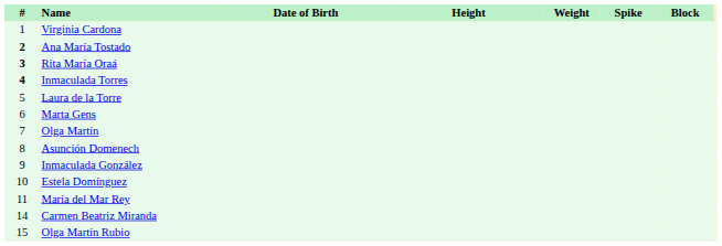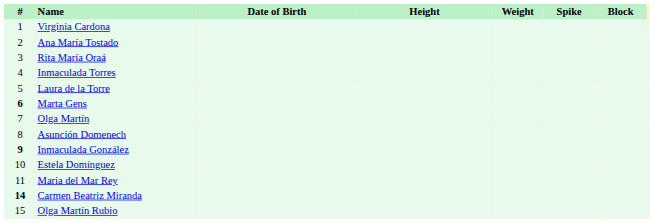 <table border=0 cellpadding=2 cellspacing=0  |- bgcolor=#FFECCE style="text-align:center; font-size:90%;" width=100%>
 <tr bgcolor=#BBF0C9>
 <th width=5%>#</th>
 <th width=25% align=left>Name</th>
 <th width=25%>Date of Birth</th>
 <th width=21%>Height</th>
 <th width=8%>Weight</th>
 <th width=8%>Spike</th>
 <th width=8%>Block</th>
 </tr>
 <tr bgcolor=#E7FAEC>
 <td>1</td>
 <td align=left><a href='#'>Virginia Cardona</a></td>
 <td></td>
 <td></td>
 <td></td>
 <td></td>
 <td></td>
 <td></td>
 </tr>
 <tr bgcolor=#E7FAEC>
-<td><strong>2</strong></td>
+<td>2</td>
 <td align=left><a href='#'>Ana María Tostado</a></td>
 <td></td>
 <td></td>
 <td></td>
 <td></td>
 <td></td>
 <td></td>
 </tr>
 <tr bgcolor=#E7FAEC>
-<td><strong>3</strong></td>
+<td>3</td>
 <td align=left><a href='#'>Rita María Oraá</a></td>
 <td></td>
 <td></td>
 <td></td>
 <td></td>
 <td></td>
 <td></td>
 </tr>
 <tr bgcolor=#E7FAEC>
-<td><strong>4</strong></td>
+<td>4</td>
 <td align=left><a href='#'>Inmaculada Torres</a></td>
 <td></td>
 <td></td>
 <td></td>
 <td></td>
 <td></td>
 <td></td>
 </tr>
 <tr bgcolor=#E7FAEC>
 <td>5</td>
 <td align=left><a href='#'>Laura de la Torre</a></td>
 <td></td>
 <td></td>
 <td></td>
 <td></td>
 <td></td>
 <td></td>
 </tr>
 <tr bgcolor=#E7FAEC>
-<td>6</td>
+<td><strong>6</strong></td>
 <td align=left><a href='#'>Marta Gens</a></td>
 <td></td>
 <td></td>
 <td></td>
 <td></td>
 <td></td>
 <td></td>
 </tr>
 <tr bgcolor=#E7FAEC>
 <td>7</td>
 <td align=left><a href='#'>Olga Martín</a></td>
 <td></td>
 <td></td>
 <td></td>
 <td></td>
 <td></td>
 <td></td>
 </tr>
 <tr bgcolor=#E7FAEC>
 <td>8</td>
 <td align=left><a href='#'>Asunción Domenech</a></td>
 <td></td>
 <td></td>
 <td></td>
 <td></td>
 <td></td>
 <td></td>
 </tr>
 <tr bgcolor=#E7FAEC>
-<td>9</td>
+<td><strong>9</strong></td>
 <td align=left><a href='#'>Inmaculada González</a></td>
 <td></td>
 <td></td>
 <td></td>
 <td></td>
 <td></td>
 <td></td>
 </tr>
 <tr bgcolor=#E7FAEC>
 <td>10</td>
 <td align=left><a href='#'>Estela Domínguez</a></td>
 <td></td>
 <td></td>
 <td></td>
 <td></td>
 <td></td>
 <td></td>
 </tr>
 <tr bgcolor=#E7FAEC>
 <td>11</td>
 <td align=left><a href='#'>María del Mar Rey</a></td>
 <td></td>
 <td></td>
 <td></td>
 <td></td>
 <td></td>
 <td></td>
 </tr>
 <tr bgcolor=#E7FAEC>
-<td>14</td>
+<td><strong>14</strong></td>
 <td align=left><a href='#'>Carmen Beatriz Miranda</a></td>
 <td></td>
 <td></td>
 <td></td>
 <td></td>
 <td></td>
 <td></td>
 </tr>
 <tr bgcolor=#E7FAEC>
 <td>15</td>
 <td align=left><a href='#'>Olga Martín Rubio</a></td>
 <td></td>
 <td></td>
 <td></td>
 <td></td>
 <td></td>
 <td></td>
 </tr>
 </table>
